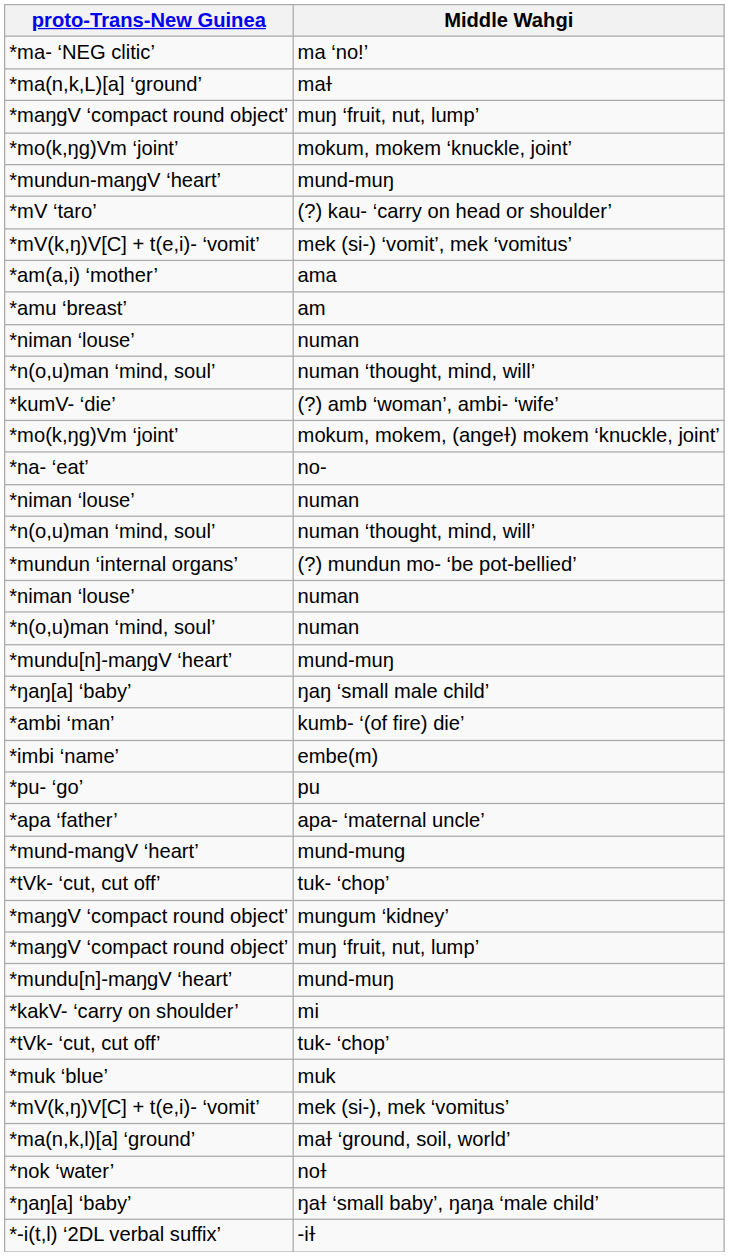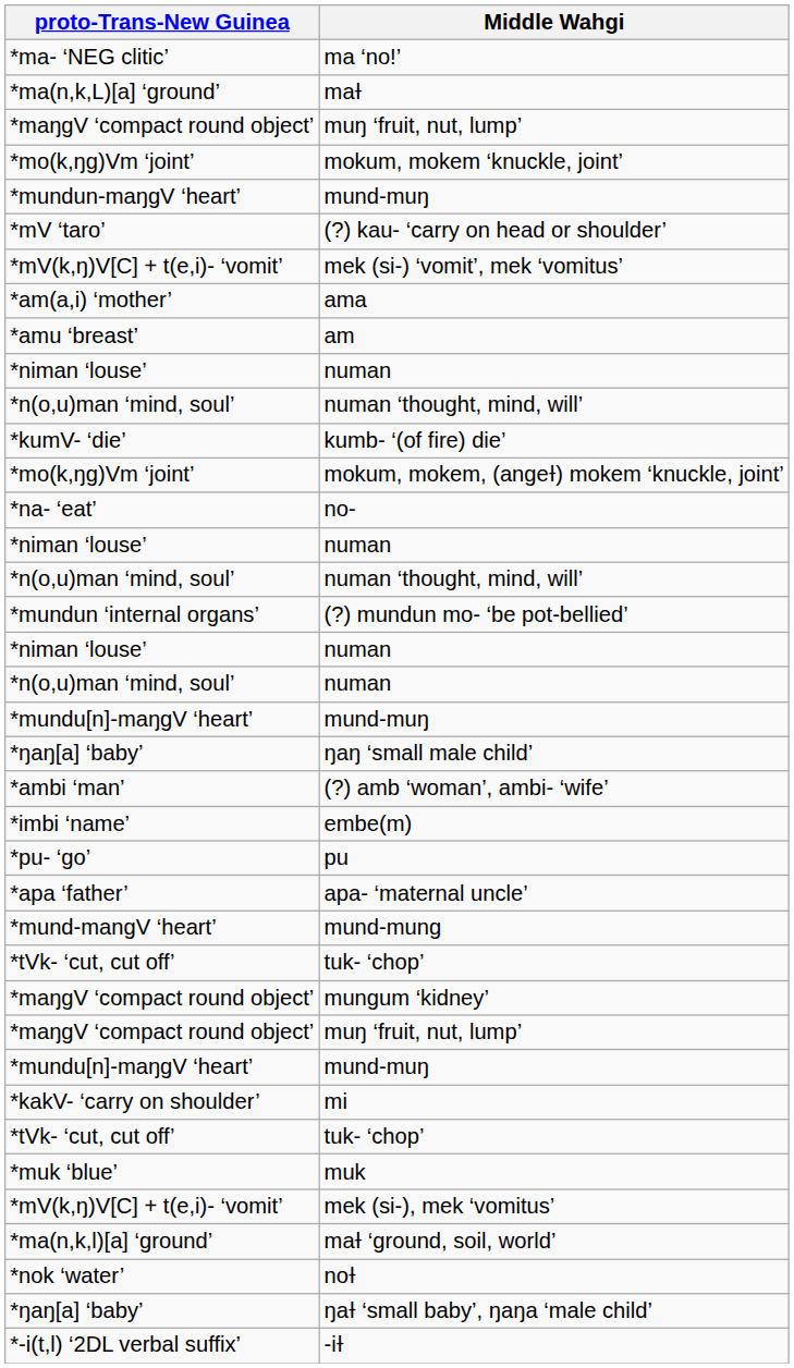 <table class="wikitable sortable">
 <tr>
 <th><a href='#'>proto-Trans-New Guinea</a></th>
 <th>Middle Wahgi</th>
 </tr>
 <tr>
 <td>*ma- ‘NEG clitic’</td>
 <td>ma ‘no!’</td>
 </tr>
 <tr>
 <td>*ma(n,k,L)[a] ‘ground’</td>
 <td>maɫ</td>
 </tr>
 <tr>
 <td>*maŋgV ‘compact round object’</td>
 <td>muŋ ‘fruit, nut, lump’</td>
 </tr>
 <tr>
 <td>*mo(k,ŋg)Vm ‘joint’</td>
 <td>mokum, mokem ‘knuckle, joint’</td>
 </tr>
 <tr>
 <td>*mundun-maŋgV ‘heart’</td>
 <td>mund-muŋ</td>
 </tr>
 <tr>
 <td>*mV ‘taro’</td>
 <td>(?) kau- ‘carry on head or shoulder’</td>
 </tr>
 <tr>
 <td>*mV(k,ŋ)V[C] + t(e,i)- ‘vomit’</td>
 <td>mek (si-) ‘vomit’, mek ‘vomitus’</td>
 </tr>
 <tr>
 <td>*am(a,i) ‘mother’</td>
 <td>ama</td>
 </tr>
 <tr>
 <td>*amu ‘breast’</td>
 <td>am</td>
 </tr>
 <tr>
 <td>*niman ‘louse’</td>
 <td>numan</td>
 </tr>
 <tr>
 <td>*n(o,u)man ‘mind, soul’</td>
 <td>numan ‘thought, mind, will’</td>
 </tr>
 <tr>
 <td>*kumV- ‘die’</td>
-<td>(?) amb ‘woman’, ambi- ‘wife’</td>
+<td>kumb- ‘(of fire) die’</td>
 </tr>
 <tr>
 <td>*mo(k,ŋg)Vm ‘joint’</td>
 <td>mokum, mokem, (angeɫ) mokem ‘knuckle, joint’</td>
 </tr>
 <tr>
 <td>*na- ‘eat’</td>
 <td>no-</td>
 </tr>
 <tr>
 <td>*niman ‘louse’</td>
 <td>numan</td>
 </tr>
 <tr>
 <td>*n(o,u)man ‘mind, soul’</td>
 <td>numan ‘thought, mind, will’</td>
 </tr>
 <tr>
 <td>*mundun ‘internal organs’</td>
 <td>(?) mundun mo- ‘be pot-bellied’</td>
 </tr>
 <tr>
 <td>*niman ‘louse’</td>
 <td>numan</td>
 </tr>
 <tr>
 <td>*n(o,u)man ‘mind, soul’</td>
 <td>numan</td>
 </tr>
 <tr>
 <td>*mundu[n]-maŋgV ‘heart’</td>
 <td>mund-muŋ</td>
 </tr>
 <tr>
 <td>*ŋaŋ[a] ‘baby’</td>
 <td>ŋaŋ ‘small male child’</td>
 </tr>
 <tr>
 <td>*ambi ‘man’</td>
-<td>kumb- ‘(of fire) die’</td>
+<td>(?) amb ‘woman’, ambi- ‘wife’</td>
 </tr>
 <tr>
 <td>*imbi ‘name’</td>
 <td>embe(m)</td>
 </tr>
 <tr>
 <td>*pu- ‘go’</td>
 <td>pu</td>
 </tr>
 <tr>
 <td>*apa ‘father’</td>
 <td>apa- ‘maternal uncle’</td>
 </tr>
 <tr>
 <td>*mund-mangV ‘heart’</td>
 <td>mund-mung</td>
 </tr>
 <tr>
 <td>*tVk- ‘cut, cut off’</td>
 <td>tuk- ‘chop’</td>
 </tr>
 <tr>
 <td>*maŋgV ‘compact round object’</td>
 <td>mungum ‘kidney’</td>
 </tr>
 <tr>
 <td>*maŋgV ‘compact round object’</td>
 <td>muŋ ‘fruit, nut, lump’</td>
 </tr>
 <tr>
 <td>*mundu[n]-maŋgV ‘heart’</td>
 <td>mund-muŋ</td>
 </tr>
 <tr>
 <td>*kakV- ‘carry on shoulder’</td>
 <td>mi</td>
 </tr>
 <tr>
 <td>*tVk- ‘cut, cut off’</td>
 <td>tuk- ‘chop’</td>
 </tr>
 <tr>
 <td>*muk ‘blue’</td>
 <td>muk</td>
 </tr>
 <tr>
 <td>*mV(k,ŋ)V[C] + t(e,i)- ‘vomit’</td>
 <td>mek (si-), mek ‘vomitus’</td>
 </tr>
 <tr>
 <td>*ma(n,k,l)[a] ‘ground’</td>
 <td>maɫ ‘ground, soil, world’</td>
 </tr>
 <tr>
 <td>*nok ‘water’</td>
 <td>noɫ</td>
 </tr>
 <tr>
 <td>*ŋaŋ[a] ‘baby’</td>
 <td>ŋaɫ ‘small baby’, ŋaŋa ‘male child’</td>
 </tr>
 <tr>
 <td>*-i(t,l) ‘2DL verbal suffix’</td>
 <td>-iɫ</td>
 </tr>
 </table>
